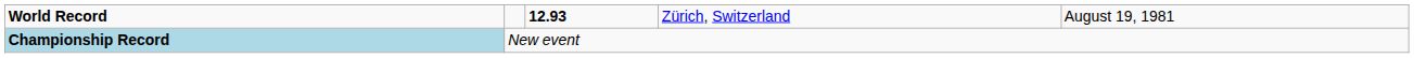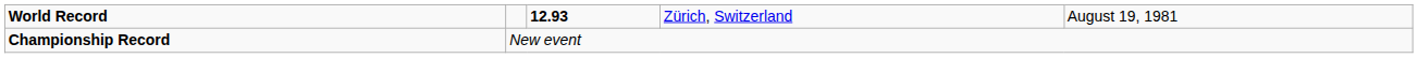 <table class="wikitable" width=75%>
 <tr>
 <td><strong>World Record</strong></td>
 <td></td>
 <td><strong>12.93</strong></td>
 <td><a href='#'>Zürich</a>, <a href='#'>Switzerland</a></td>
 <td>August 19, 1981</td>
 </tr>
 <tr>
-<td style="background: lightblue;"><strong>Championship Record</strong></td>
+<td><strong>Championship Record</strong></td>
 <td colspan="4"><em>New event</em></td>
 </tr>
 </table>
